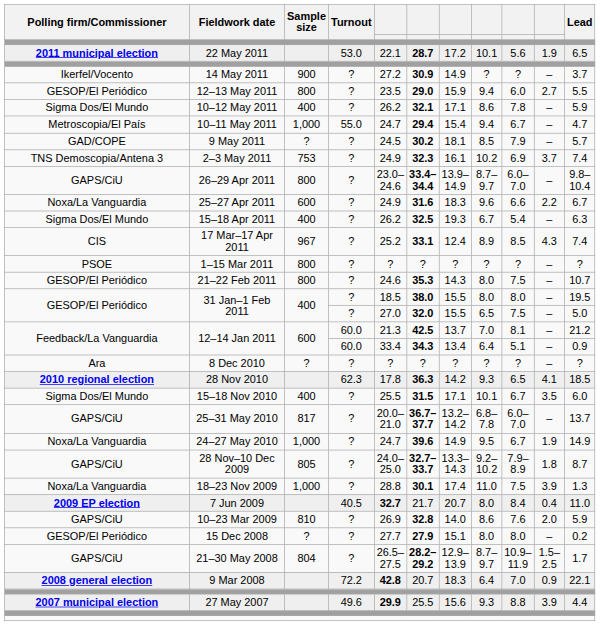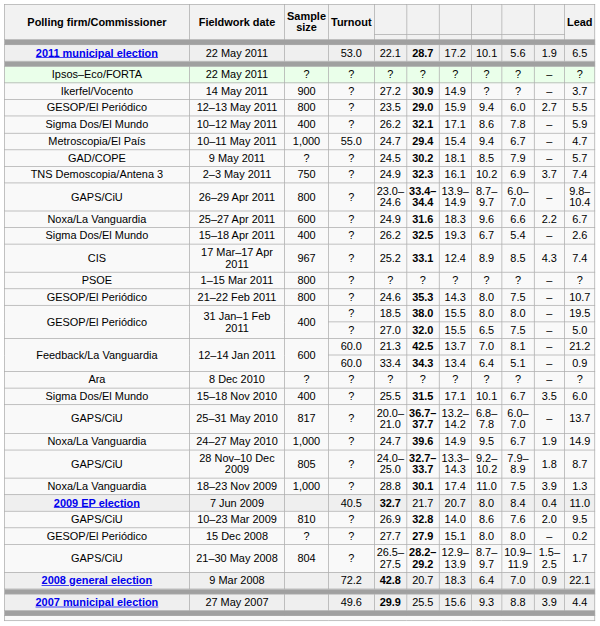 <table class="wikitable collapsible collapsed" style="text-align:center; font-size:95%; line-height:16px;">
 <tr style="height:42px;">
 <th style="width:250px;" rowspan="2">Polling firm/Commissioner</th>
 <th style="width:125px;" rowspan="2">Fieldwork date</th>
 <th style="width:50px;" rowspan="2">Sample size</th>
 <th style="width:45px;" rowspan="2">Turnout</th>
 <th style="width:35px;"></th>
 <th style="width:35px;"></th>
 <th style="width:35px;"></th>
 <th style="width:35px;"></th>
 <th style="width:35px;"></th>
 <th style="width:35px;"></th>
 <th style="width:30px;" rowspan="2">Lead</th>
 </tr>
 <tr>
 <th style="color:inherit;background:"></th>
 <th style="color:inherit;background:"></th>
 <th style="color:inherit;background:"></th>
 <th style="color:inherit;background:"></th>
 <th style="color:inherit;background:"></th>
 <th style="color:inherit;background:"></th>
 </tr>
 <tr>
 <td colspan="11" style="background:#A0A0A0"></td>
 </tr>
 <tr style="background:#EFEFEF;">
 <td><strong><a href='#'>2011 municipal election</a></strong></td>
 <td>22 May 2011</td>
 <td></td>
 <td>53.0</td>
 <td>22.1<br></td>
 <td><strong>28.7</strong><br></td>
 <td>17.2<br></td>
 <td>10.1<br></td>
 <td>5.6<br></td>
 <td>1.9<br></td>
 <td style="background:">6.5</td>
 </tr>
 <tr>
 <td colspan="11" style="background:#A0A0A0"></td>
+</tr>
+<tr style="background:#EAFFEA;">
+<td>Ipsos–Eco/FORTA</td>
+<td>22 May 2011</td>
+<td>?</td>
+<td>?</td>
+<td>?<br></td>
+<td>?<br></td>
+<td>?<br></td>
+<td>?<br></td>
+<td>?<br></td>
+<td>–</td>
+<td style="background:">?</td>
 </tr>
 <tr>
 <td>Ikerfel/Vocento</td>
 <td>14 May 2011</td>
 <td>900</td>
 <td>?</td>
 <td>27.2<br></td>
 <td><strong>30.9</strong><br></td>
 <td>14.9<br></td>
 <td>?<br></td>
 <td>?<br></td>
 <td>–</td>
 <td style="background:">3.7</td>
 </tr>
 <tr>
 <td>GESOP/El Periódico</td>
 <td>12–13 May 2011</td>
 <td>800</td>
 <td>?</td>
 <td>23.5<br></td>
 <td><strong>29.0</strong><br></td>
 <td>15.9<br></td>
 <td>9.4<br></td>
 <td>6.0<br></td>
 <td>2.7<br></td>
 <td style="background:">5.5</td>
 </tr>
 <tr>
 <td>Sigma Dos/El Mundo</td>
 <td>10–12 May 2011</td>
 <td>400</td>
 <td>?</td>
 <td>26.2<br></td>
 <td><strong>32.1</strong><br></td>
 <td>17.1<br></td>
 <td>8.6<br></td>
 <td>7.8<br></td>
 <td>–</td>
 <td style="background:">5.9</td>
 </tr>
 <tr>
 <td>Metroscopia/El País</td>
 <td>10–11 May 2011</td>
 <td>1,000</td>
 <td>55.0</td>
 <td>24.7<br></td>
 <td><strong>29.4</strong><br></td>
 <td>15.4<br></td>
 <td>9.4<br></td>
 <td>6.7<br></td>
 <td>–</td>
 <td style="background:">4.7</td>
 </tr>
 <tr>
 <td>GAD/COPE</td>
 <td>9 May 2011</td>
 <td>?</td>
 <td>?</td>
 <td>24.5<br></td>
 <td><strong>30.2</strong><br></td>
 <td>18.1<br></td>
 <td>8.5<br></td>
 <td>7.9<br></td>
 <td>–</td>
 <td style="background:">5.7</td>
 </tr>
 <tr>
 <td>TNS Demoscopia/Antena 3</td>
 <td>2–3 May 2011</td>
-<td>753</td>
+<td>750</td>
 <td>?</td>
 <td>24.9<br></td>
 <td><strong>32.3</strong><br></td>
 <td>16.1<br></td>
 <td>10.2<br></td>
 <td>6.9<br></td>
 <td>3.7<br></td>
 <td style="background:">7.4</td>
 </tr>
 <tr>
 <td>GAPS/CiU</td>
 <td>26–29 Apr 2011</td>
 <td>800</td>
 <td>?</td>
 <td>23.0–<br>24.6<br></td>
 <td><strong>33.4–<br>34.4</strong><br></td>
 <td>13.9–<br>14.9<br></td>
 <td>8.7–<br>9.7<br></td>
 <td>6.0–<br>7.0<br></td>
 <td>–</td>
 <td style="background:">9.8–<br>10.4</td>
 </tr>
 <tr>
 <td>Noxa/La Vanguardia</td>
 <td>25–27 Apr 2011</td>
 <td>600</td>
 <td>?</td>
 <td>24.9<br></td>
 <td><strong>31.6</strong><br></td>
 <td>18.3<br></td>
 <td>9.6<br></td>
 <td>6.6<br></td>
 <td>2.2<br></td>
 <td style="background:">6.7</td>
 </tr>
 <tr>
 <td>Sigma Dos/El Mundo</td>
 <td>15–18 Apr 2011</td>
 <td>400</td>
 <td>?</td>
 <td>26.2<br></td>
 <td><strong>32.5</strong><br></td>
 <td>19.3<br></td>
 <td>6.7<br></td>
 <td>5.4<br></td>
 <td>–</td>
-<td style="background:">6.3</td>
+<td style="background:">2.6</td>
 </tr>
 <tr>
 <td>CIS</td>
 <td>17 Mar–17 Apr 2011</td>
 <td>967</td>
 <td>?</td>
 <td>25.2<br></td>
 <td><strong>33.1</strong><br></td>
 <td>12.4<br></td>
 <td>8.9<br></td>
 <td>8.5<br></td>
 <td>4.3<br></td>
 <td style="background:">7.4</td>
 </tr>
 <tr>
 <td>PSOE</td>
 <td>1–15 Mar 2011</td>
 <td>800</td>
 <td>?</td>
 <td>?<br></td>
 <td>?<br></td>
 <td>?<br></td>
 <td>?<br></td>
 <td>?<br></td>
 <td>–</td>
 <td style="background:">?</td>
 </tr>
 <tr>
 <td>GESOP/El Periódico</td>
 <td>21–22 Feb 2011</td>
 <td>800</td>
 <td>?</td>
 <td>24.6<br></td>
 <td><strong>35.3</strong><br></td>
 <td>14.3<br></td>
 <td>8.0<br></td>
 <td>7.5<br></td>
 <td>–</td>
 <td style="background:">10.7</td>
 </tr>
 <tr>
 <td rowspan="2">GESOP/El Periódico</td>
 <td rowspan="2">31 Jan–1 Feb 2011</td>
 <td rowspan="2">400</td>
 <td>?</td>
 <td>18.5<br></td>
 <td><strong>38.0</strong><br></td>
 <td>15.5<br></td>
 <td>8.0<br></td>
 <td>8.0<br></td>
 <td>–</td>
 <td style="background:">19.5</td>
 </tr>
 <tr>
 <td>?</td>
 <td>27.0<br></td>
 <td><strong>32.0</strong><br></td>
 <td>15.5<br></td>
 <td>6.5<br></td>
 <td>7.5<br></td>
 <td>–</td>
 <td style="background:">5.0</td>
 </tr>
 <tr>
 <td rowspan="2">Feedback/La Vanguardia</td>
 <td rowspan="2">12–14 Jan 2011</td>
 <td rowspan="2">600</td>
 <td>60.0</td>
 <td>21.3<br></td>
 <td><strong>42.5</strong><br></td>
 <td>13.7<br></td>
 <td>7.0<br></td>
 <td>8.1<br></td>
 <td>–</td>
 <td style="background:">21.2</td>
 </tr>
 <tr>
 <td>60.0</td>
 <td>33.4<br></td>
 <td><strong>34.3</strong><br></td>
 <td>13.4<br></td>
 <td>6.4<br></td>
 <td>5.1<br></td>
 <td>–</td>
 <td style="background:">0.9</td>
 </tr>
 <tr>
 <td>Ara</td>
 <td>8 Dec 2010</td>
 <td>?</td>
 <td>?</td>
 <td>?<br></td>
 <td>?<br></td>
 <td>?<br></td>
 <td>?<br></td>
 <td>?<br></td>
 <td>–</td>
 <td style="background:">?</td>
 </tr>
-<tr style="background:#EFEFEF;">
-<td><strong><a href='#'>2010 regional election</a></strong></td>
-<td>28 Nov 2010</td>
-<td></td>
-<td>62.3</td>
-<td>17.8<br></td>
-<td><strong>36.3</strong><br></td>
-<td>14.2<br></td>
-<td>9.3<br></td>
-<td>6.5<br></td>
-<td>4.1<br></td>
-<td style="background:">18.5</td>
-</tr>
 <tr>
 <td>Sigma Dos/El Mundo</td>
 <td>15–18 Nov 2010</td>
 <td>400</td>
 <td>?</td>
 <td>25.5<br></td>
 <td><strong>31.5</strong><br></td>
 <td>17.1<br></td>
 <td>10.1<br></td>
 <td>6.7<br></td>
 <td>3.5<br></td>
 <td style="background:">6.0</td>
 </tr>
 <tr>
 <td>GAPS/CiU</td>
 <td>25–31 May 2010</td>
 <td>817</td>
 <td>?</td>
 <td>20.0–<br>21.0<br></td>
 <td><strong>36.7–<br>37.7</strong><br></td>
 <td>13.2–<br>14.2<br></td>
 <td>6.8–<br>7.8<br></td>
 <td>6.0–<br>7.0<br></td>
 <td>–</td>
 <td style="background:">13.7</td>
 </tr>
 <tr>
 <td>Noxa/La Vanguardia</td>
 <td>24–27 May 2010</td>
 <td>1,000</td>
 <td>?</td>
 <td>24.7<br></td>
 <td><strong>39.6</strong><br></td>
 <td>14.9<br></td>
 <td>9.5<br></td>
 <td>6.7<br></td>
 <td>1.9<br></td>
 <td style="background:">14.9</td>
 </tr>
 <tr>
 <td>GAPS/CiU</td>
 <td>28 Nov–10 Dec 2009</td>
 <td>805</td>
 <td>?</td>
 <td>24.0–<br>25.0<br></td>
 <td><strong>32.7–<br>33.7</strong><br></td>
 <td>13.3–<br>14.3<br></td>
 <td>9.2–<br>10.2<br></td>
 <td>7.9–<br>8.9<br></td>
 <td>1.8<br></td>
 <td style="background:">8.7</td>
 </tr>
 <tr>
 <td>Noxa/La Vanguardia</td>
 <td>18–23 Nov 2009</td>
 <td>1,000</td>
 <td>?</td>
 <td>28.8<br></td>
 <td><strong>30.1</strong><br></td>
 <td>17.4<br></td>
 <td>11.0<br></td>
 <td>7.5<br></td>
 <td>3.9<br></td>
 <td style="background:">1.3</td>
 </tr>
 <tr style="background:#EFEFEF;">
 <td><strong><a href='#'>2009 EP election</a></strong></td>
 <td>7 Jun 2009</td>
 <td></td>
 <td>40.5</td>
 <td><strong>32.7</strong><br></td>
 <td>21.7<br></td>
 <td>20.7<br></td>
 <td>8.0<br></td>
 <td>8.4<br></td>
 <td>0.4<br></td>
 <td style="background:">11.0</td>
 </tr>
 <tr>
 <td>GAPS/CiU</td>
 <td>10–23 Mar 2009</td>
 <td>810</td>
 <td>?</td>
 <td>26.9<br></td>
 <td><strong>32.8</strong><br></td>
 <td>14.0<br></td>
 <td>8.6<br></td>
 <td>7.6<br></td>
 <td>2.0<br></td>
-<td style="background:">5.9</td>
+<td style="background:">9.5</td>
 </tr>
 <tr>
 <td>GESOP/El Periódico</td>
 <td>15 Dec 2008</td>
 <td>?</td>
 <td>?</td>
 <td>27.7<br></td>
 <td><strong>27.9</strong><br></td>
 <td>15.1<br></td>
 <td>8.0<br></td>
 <td>8.0<br></td>
 <td>–</td>
 <td style="background:">0.2</td>
 </tr>
 <tr>
 <td>GAPS/CiU</td>
 <td>21–30 May 2008</td>
 <td>804</td>
 <td>?</td>
 <td>26.5–<br>27.5<br></td>
 <td><strong>28.2–<br>29.2</strong><br></td>
 <td>12.9–<br>13.9<br></td>
 <td>8.7–<br>9.7<br></td>
 <td>10.9–<br>11.9<br></td>
 <td>1.5–<br>2.5<br></td>
 <td style="background:">1.7</td>
 </tr>
 <tr style="background:#EFEFEF;">
 <td><strong><a href='#'>2008 general election</a></strong></td>
 <td>9 Mar 2008</td>
 <td></td>
 <td>72.2</td>
 <td><strong>42.8</strong><br></td>
 <td>20.7<br></td>
 <td>18.3<br></td>
 <td>6.4<br></td>
 <td>7.0<br></td>
 <td>0.9<br></td>
 <td style="background:">22.1</td>
 </tr>
 <tr>
 <td colspan="11" style="background:#A0A0A0"></td>
 </tr>
 <tr style="background:#EFEFEF;">
 <td><strong><a href='#'>2007 municipal election</a></strong></td>
 <td>27 May 2007</td>
 <td></td>
 <td>49.6</td>
 <td><strong>29.9</strong><br></td>
 <td>25.5<br></td>
 <td>15.6<br></td>
 <td>9.3<br></td>
 <td>8.8<br></td>
 <td>3.9<br></td>
 <td style="background:">4.4</td>
 </tr>
 <tr>
 <td colspan="11" style="background:#A0A0A0"></td>
 </tr>
 <tr>
 <td colspan="11"></td>
 </tr>
 </table>
